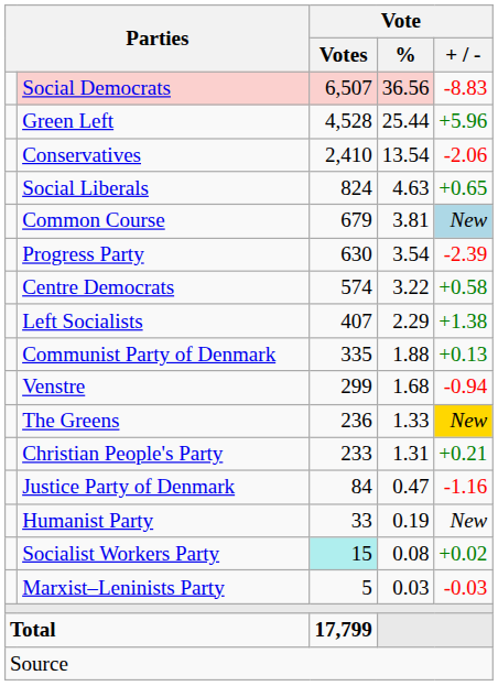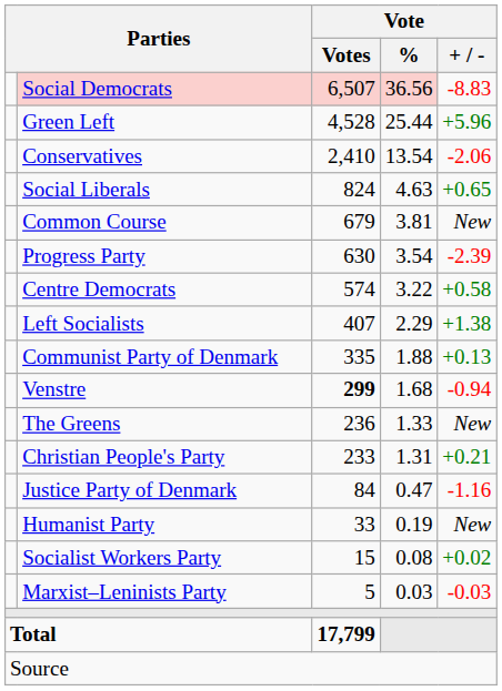 <table class="wikitable" style="text-align:right;">
 <tr>
 <th style="text-align:centre;" rowspan="2" colspan="2" width="225">Parties</th>
 <th colspan="3">Vote</th>
 </tr>
 <tr>
 <th width="15">Votes</th>
 <th width="15">%</th>
 <th width="15">+ / -</th>
 </tr>
 <tr>
 <td width="2" style="color:inherit;background:"></td>
 <td bgcolor=#fbd0ce  align="left"><a href='#'>Social Democrats</a></td>
 <td bgcolor=#fbd0ce>6,507</td>
 <td bgcolor=#fbd0ce>36.56</td>
 <td style=color:red;>-8.83</td>
 </tr>
 <tr>
 <td width="2" style="color:inherit;background:"></td>
 <td align="left"><a href='#'>Green Left</a></td>
 <td>4,528</td>
 <td>25.44</td>
 <td style=color:green;>+5.96</td>
 </tr>
 <tr>
 <td width="2" style="color:inherit;background:"></td>
 <td align="left"><a href='#'>Conservatives</a></td>
 <td>2,410</td>
 <td>13.54</td>
 <td style=color:red;>-2.06</td>
 </tr>
 <tr>
 <td width="2" style="color:inherit;background:"></td>
 <td align="left"><a href='#'>Social Liberals</a></td>
 <td>824</td>
 <td>4.63</td>
 <td style=color:green;>+0.65</td>
 </tr>
 <tr>
 <td width="2" style="color:inherit;background:"></td>
 <td align="left"><a href='#'>Common Course</a></td>
 <td>679</td>
 <td>3.81</td>
-<td style="background: lightblue;"><em>New</em></td>
+<td><em>New</em></td>
 </tr>
 <tr>
 <td width="2" style="color:inherit;background:"></td>
 <td align="left"><a href='#'>Progress Party</a></td>
 <td>630</td>
 <td>3.54</td>
 <td style=color:red;>-2.39</td>
 </tr>
 <tr>
 <td width="2" style="color:inherit;background:"></td>
 <td align="left"><a href='#'>Centre Democrats</a></td>
 <td>574</td>
 <td>3.22</td>
 <td style=color:green;>+0.58</td>
 </tr>
 <tr>
 <td width="2" style="color:inherit;background:"></td>
 <td align="left"><a href='#'>Left Socialists</a></td>
 <td>407</td>
 <td>2.29</td>
 <td style=color:green;>+1.38</td>
 </tr>
 <tr>
 <td width="2" style="color:inherit;background:"></td>
 <td align="left"><a href='#'>Communist Party of Denmark</a></td>
 <td>335</td>
 <td>1.88</td>
 <td style=color:green;>+0.13</td>
 </tr>
 <tr>
 <td width="2" style="color:inherit;background:"></td>
 <td align="left"><a href='#'>Venstre</a></td>
-<td>299</td>
+<td><strong>299</strong></td>
 <td>1.68</td>
 <td style=color:red;>-0.94</td>
 </tr>
 <tr>
 <td width="2" style="color:inherit;background:"></td>
 <td align="left"><a href='#'>The Greens</a></td>
 <td>236</td>
 <td>1.33</td>
-<td style="background: gold;"><em>New</em></td>
+<td><em>New</em></td>
 </tr>
 <tr>
 <td width="2" style="color:inherit;background:"></td>
 <td align="left"><a href='#'>Christian People's Party</a></td>
 <td>233</td>
 <td>1.31</td>
 <td style=color:green;>+0.21</td>
 </tr>
 <tr>
 <td width="2" style="color:inherit;background:"></td>
 <td align="left"><a href='#'>Justice Party of Denmark</a></td>
 <td>84</td>
 <td>0.47</td>
 <td style=color:red;>-1.16</td>
 </tr>
 <tr>
 <td width="2" style="color:inherit;background:"></td>
 <td align="left"><a href='#'>Humanist Party</a></td>
 <td>33</td>
 <td>0.19</td>
 <td><em>New</em></td>
 </tr>
 <tr>
 <td width="2" style="color:inherit;background:"></td>
 <td align="left"><a href='#'>Socialist Workers Party</a></td>
-<td style="background: paleturquoise;">15</td>
+<td>15</td>
 <td>0.08</td>
 <td style=color:green;>+0.02</td>
 </tr>
 <tr>
 <td width="2" style="color:inherit;background:"></td>
 <td align="left"><a href='#'>Marxist–Leninists Party</a></td>
 <td>5</td>
 <td>0.03</td>
 <td style=color:red;>-0.03</td>
 </tr>
 <tr>
 <td colspan="7" bgcolor="#E9E9E9"></td>
 </tr>
 <tr>
 <td align="left" colspan="2"><strong>Total</strong></td>
 <td><strong>17,799</strong></td>
 <td bgcolor="#E9E9E9" colspan="2"></td>
 </tr>
 <tr>
 <td align="left" colspan="6">Source</td>
 </tr>
 </table>
